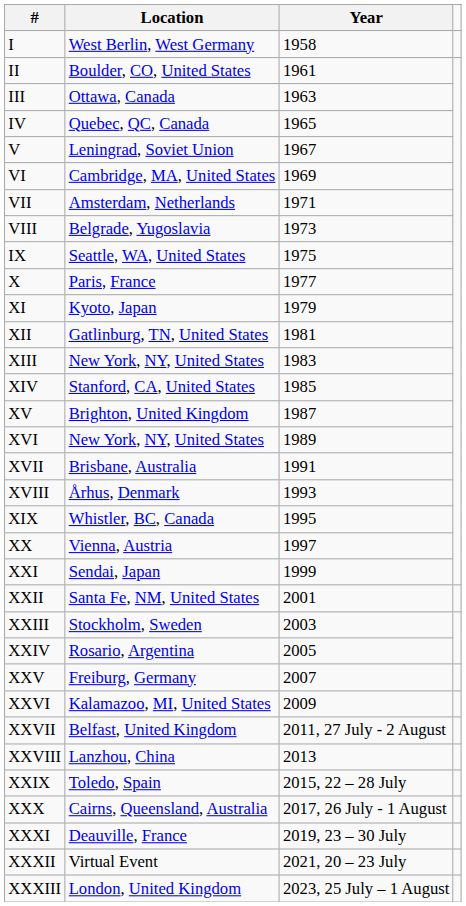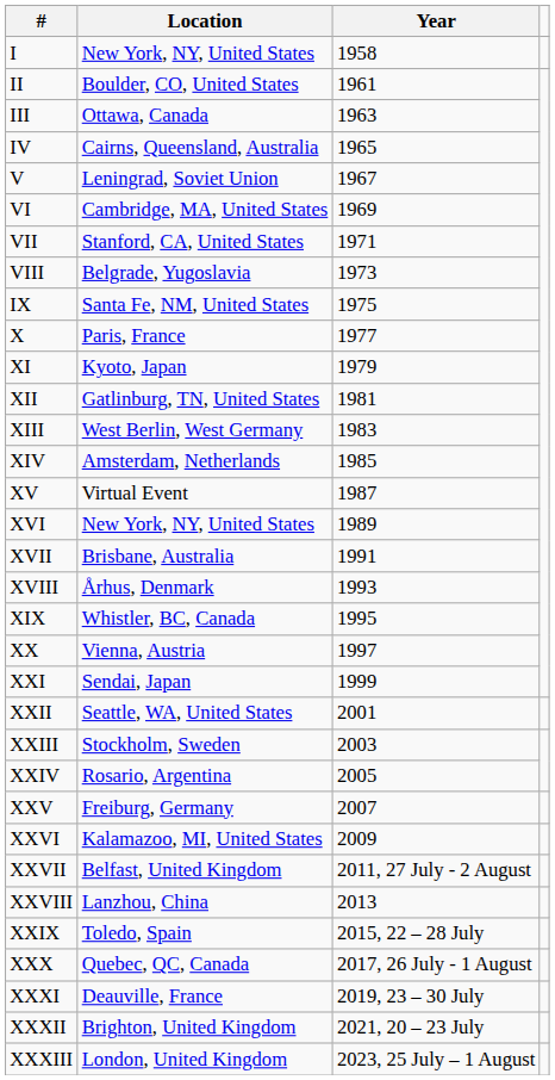 <table class="wikitable">
 <tr>
 <th>#</th>
 <th>Location</th>
 <th>Year</th>
 </tr>
 <tr>
 <td>I</td>
-<td><a href='#'>West Berlin</a>, <a href='#'>West Germany</a></td>
+<td><a href='#'>New York</a>, <a href='#'>NY</a>, <a href='#'>United States</a></td>
 <td>1958</td>
 <td></td>
 </tr>
 <tr>
 <td>II</td>
 <td><a href='#'>Boulder</a>, <a href='#'>CO</a>, <a href='#'>United States</a></td>
 <td>1961</td>
 </tr>
 <tr>
 <td>III</td>
 <td><a href='#'>Ottawa</a>, <a href='#'>Canada</a></td>
 <td>1963</td>
 </tr>
 <tr>
 <td>IV</td>
-<td><a href='#'>Quebec</a>, <a href='#'>QC</a>, <a href='#'>Canada</a></td>
+<td><a href='#'>Cairns</a>, <a href='#'>Queensland</a>, <a href='#'>Australia</a></td>
 <td>1965</td>
 </tr>
 <tr>
 <td>V</td>
 <td><a href='#'>Leningrad</a>, <a href='#'>Soviet Union</a></td>
 <td>1967</td>
 </tr>
 <tr>
 <td>VI</td>
 <td><a href='#'>Cambridge</a>, <a href='#'>MA</a>, <a href='#'>United States</a></td>
 <td>1969</td>
 </tr>
 <tr>
 <td>VII</td>
-<td><a href='#'>Amsterdam</a>, <a href='#'>Netherlands</a></td>
+<td><a href='#'>Stanford</a>, <a href='#'>CA</a>, <a href='#'>United States</a></td>
 <td>1971</td>
 </tr>
 <tr>
 <td>VIII</td>
 <td><a href='#'>Belgrade</a>, <a href='#'>Yugoslavia</a></td>
 <td>1973</td>
 </tr>
 <tr>
 <td>IX</td>
-<td><a href='#'>Seattle</a>, <a href='#'>WA</a>, <a href='#'>United States</a></td>
+<td><a href='#'>Santa Fe</a>, <a href='#'>NM</a>, <a href='#'>United States</a></td>
 <td>1975</td>
 </tr>
 <tr>
 <td>X</td>
 <td><a href='#'>Paris</a>, <a href='#'>France</a></td>
 <td>1977</td>
 </tr>
 <tr>
 <td>XI</td>
 <td><a href='#'>Kyoto</a>, <a href='#'>Japan</a></td>
 <td>1979</td>
 </tr>
 <tr>
 <td>XII</td>
 <td><a href='#'>Gatlinburg</a>, <a href='#'>TN</a>, <a href='#'>United States</a></td>
 <td>1981</td>
 </tr>
 <tr>
 <td>XIII</td>
-<td><a href='#'>New York</a>, <a href='#'>NY</a>, <a href='#'>United States</a></td>
+<td><a href='#'>West Berlin</a>, <a href='#'>West Germany</a></td>
 <td>1983</td>
 </tr>
 <tr>
 <td>XIV</td>
-<td><a href='#'>Stanford</a>, <a href='#'>CA</a>, <a href='#'>United States</a></td>
+<td><a href='#'>Amsterdam</a>, <a href='#'>Netherlands</a></td>
 <td>1985</td>
 </tr>
 <tr>
 <td>XV</td>
-<td><a href='#'>Brighton</a>, <a href='#'>United Kingdom</a></td>
+<td>Virtual Event</td>
 <td>1987</td>
 </tr>
 <tr>
 <td>XVI</td>
 <td><a href='#'>New York</a>, <a href='#'>NY</a>, <a href='#'>United States</a></td>
 <td>1989</td>
 </tr>
 <tr>
 <td>XVII</td>
 <td><a href='#'>Brisbane</a>, <a href='#'>Australia</a></td>
 <td>1991</td>
 </tr>
 <tr>
 <td>XVIII</td>
 <td><a href='#'>Århus</a>, <a href='#'>Denmark</a></td>
 <td>1993</td>
 </tr>
 <tr>
 <td>XIX</td>
 <td><a href='#'>Whistler</a>, <a href='#'>BC</a>, <a href='#'>Canada</a></td>
 <td>1995</td>
 </tr>
 <tr>
 <td>XX</td>
 <td><a href='#'>Vienna</a>, <a href='#'>Austria</a></td>
 <td>1997</td>
 </tr>
 <tr>
 <td>XXI</td>
 <td><a href='#'>Sendai</a>, <a href='#'>Japan</a></td>
 <td>1999</td>
 </tr>
 <tr>
 <td>XXII</td>
-<td><a href='#'>Santa Fe</a>, <a href='#'>NM</a>, <a href='#'>United States</a></td>
+<td><a href='#'>Seattle</a>, <a href='#'>WA</a>, <a href='#'>United States</a></td>
 <td>2001</td>
 <td></td>
 </tr>
 <tr>
 <td>XXIII</td>
 <td><a href='#'>Stockholm</a>, <a href='#'>Sweden</a></td>
 <td>2003</td>
 </tr>
 <tr>
 <td>XXIV</td>
 <td><a href='#'>Rosario</a>, <a href='#'>Argentina</a></td>
 <td>2005</td>
 </tr>
 <tr>
 <td>XXV</td>
 <td><a href='#'>Freiburg</a>, <a href='#'>Germany</a></td>
 <td>2007</td>
 <td></td>
 </tr>
 <tr>
 <td>XXVI</td>
 <td><a href='#'>Kalamazoo</a>, <a href='#'>MI</a>, <a href='#'>United States</a></td>
 <td>2009</td>
 <td></td>
 </tr>
 <tr>
 <td>XXVII</td>
 <td><a href='#'>Belfast</a>, <a href='#'>United Kingdom</a></td>
 <td>2011, 27 July - 2 August</td>
 <td></td>
 </tr>
 <tr>
 <td>XXVIII</td>
 <td><a href='#'>Lanzhou</a>, <a href='#'>China</a></td>
 <td>2013</td>
 <td></td>
 </tr>
 <tr>
 <td>XXIX</td>
 <td><a href='#'>Toledo</a>, <a href='#'>Spain</a></td>
 <td>2015, 22 – 28 July</td>
 <td></td>
 </tr>
 <tr>
 <td>XXX</td>
-<td><a href='#'>Cairns</a>, <a href='#'>Queensland</a>, <a href='#'>Australia</a></td>
+<td><a href='#'>Quebec</a>, <a href='#'>QC</a>, <a href='#'>Canada</a></td>
 <td>2017, 26 July - 1 August</td>
 <td></td>
 </tr>
 <tr>
 <td>XXXI</td>
 <td><a href='#'>Deauville</a>, <a href='#'>France</a></td>
 <td>2019, 23 – 30 July</td>
 <td></td>
 </tr>
 <tr>
 <td>XXXII</td>
-<td>Virtual Event</td>
+<td><a href='#'>Brighton</a>, <a href='#'>United Kingdom</a></td>
 <td>2021, 20 – 23 July</td>
 <td></td>
 </tr>
 <tr>
 <td>XXXIII</td>
 <td><a href='#'>London</a>, <a href='#'>United Kingdom</a></td>
 <td>2023, 25 July – 1 August</td>
 <td></td>
 </tr>
 </table>
